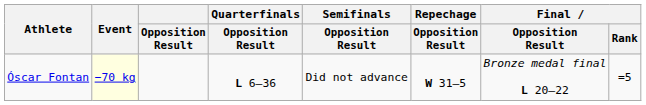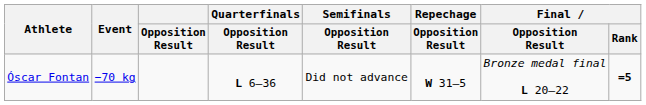 <table class="wikitable" style="font-size:90%;">
 <tr>
 <th rowspan=2>Athlete</th>
 <th rowspan=2>Event</th>
 <th></th>
 <th>Quarterfinals</th>
 <th>Semifinals</th>
 <th>Repechage</th>
 <th colspan="2">Final / </th>
 </tr>
 <tr style="font-size:95%">
 <th>Opposition<br>Result</th>
 <th>Opposition<br>Result</th>
 <th>Opposition<br>Result</th>
 <th>Opposition<br>Result</th>
 <th>Opposition<br>Result</th>
 <th>Rank</th>
 </tr>
 <tr align=center>
 <td align=left><a href='#'>Óscar Fontan</a></td>
-<td align=left style="background: lightyellow;"><a href='#'>−70 kg</a></td>
+<td align=left><a href='#'>−70 kg</a></td>
 <td></td>
 <td><br><strong>L</strong> 6–36</td>
 <td>Did not advance</td>
 <td><br><strong>W</strong> 31–5</td>
 <td><em>Bronze medal final</em><br><br><strong>L</strong> 20–22</td>
-<td>=5</td>
+<td><strong>=5</strong></td>
 </tr>
 </table>
